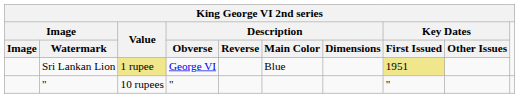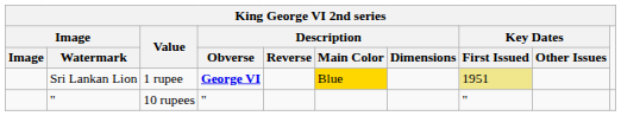 <table class="wikitable" style="font-size: 100%">
 <tr>
 <th colspan="10">King George VI 2nd series</th>
 </tr>
 <tr>
 <th colspan="2">Image</th>
 <th rowspan="2">Value</th>
 <th colspan="4">Description</th>
 <th colspan="2">Key Dates</th>
 </tr>
 <tr>
 <th>Image</th>
 <th>Watermark</th>
 <th>Obverse</th>
 <th>Reverse</th>
 <th>Main Color</th>
 <th>Dimensions</th>
 <th>First Issued</th>
 <th>Other Issues</th>
 </tr>
 <tr>
 <td></td>
 <td>Sri Lankan Lion</td>
-<td style="background: khaki;">1 rupee</td>
-<td><a href='#'>George VI</a></td>
+<td>1 rupee</td>
+<td><strong><a href='#'>George VI</a></strong></td>
 <td></td>
-<td>Blue</td>
+<td style="background: gold;">Blue</td>
 <td></td>
 <td style="background: khaki;">1951</td>
 <td></td>
 </tr>
 <tr>
 <td></td>
 <td>"</td>
 <td>10 rupees</td>
 <td>"</td>
 <td></td>
 <td></td>
 <td></td>
 <td>"</td>
 <td></td>
 <td></td>
 </tr>
 </table>
